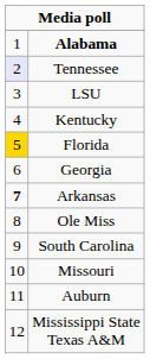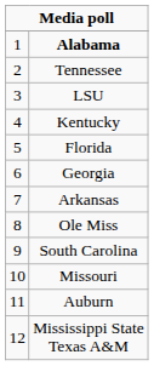 <table class="wikitable">
 <tr align="center">
 <td align="center" Colspan="3"><strong>Media poll</strong></td>
 </tr>
 <tr align="center">
 </tr>
 <tr align="center">
 <td>1</td>
 <td><strong>Alabama</strong></td>
 </tr>
 <tr align="center">
-<td style="background: lavender;">2</td>
+<td>2</td>
 <td>Tennessee</td>
 </tr>
 <tr align="center">
 <td>3</td>
 <td>LSU</td>
 </tr>
 <tr align="center">
 <td>4</td>
 <td>Kentucky</td>
 </tr>
 <tr align="center">
-<td style="background: gold;">5</td>
+<td>5</td>
 <td>Florida</td>
 </tr>
 <tr align="center">
 <td>6</td>
 <td>Georgia</td>
 </tr>
 <tr align="center">
-<td><strong>7</strong></td>
+<td>7</td>
 <td>Arkansas</td>
 </tr>
 <tr align="center">
 <td>8</td>
 <td>Ole Miss</td>
 </tr>
 <tr align="center">
 <td>9</td>
 <td>South Carolina</td>
 </tr>
 <tr align="center">
 <td>10</td>
 <td>Missouri</td>
 </tr>
 <tr align="center">
 <td>11</td>
 <td>Auburn</td>
 </tr>
 <tr align="center">
 <td>12</td>
 <td>Mississippi State<br>Texas A&M</td>
 </tr>
 </table>
